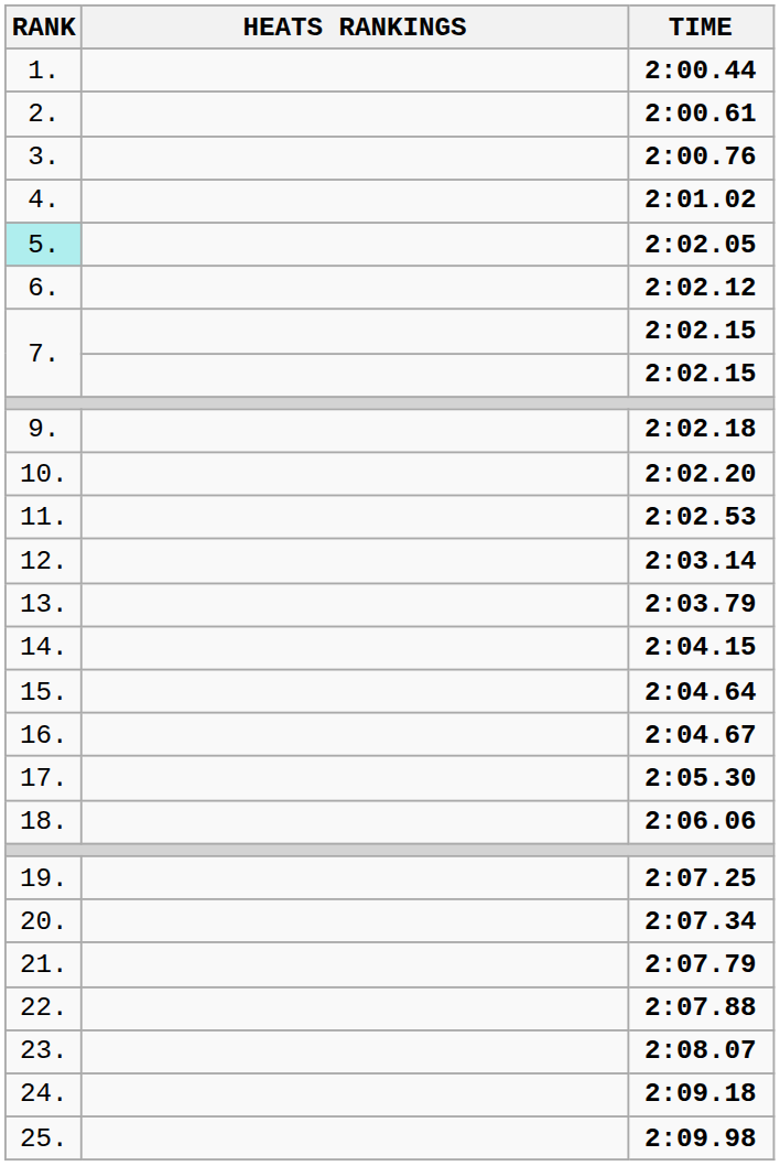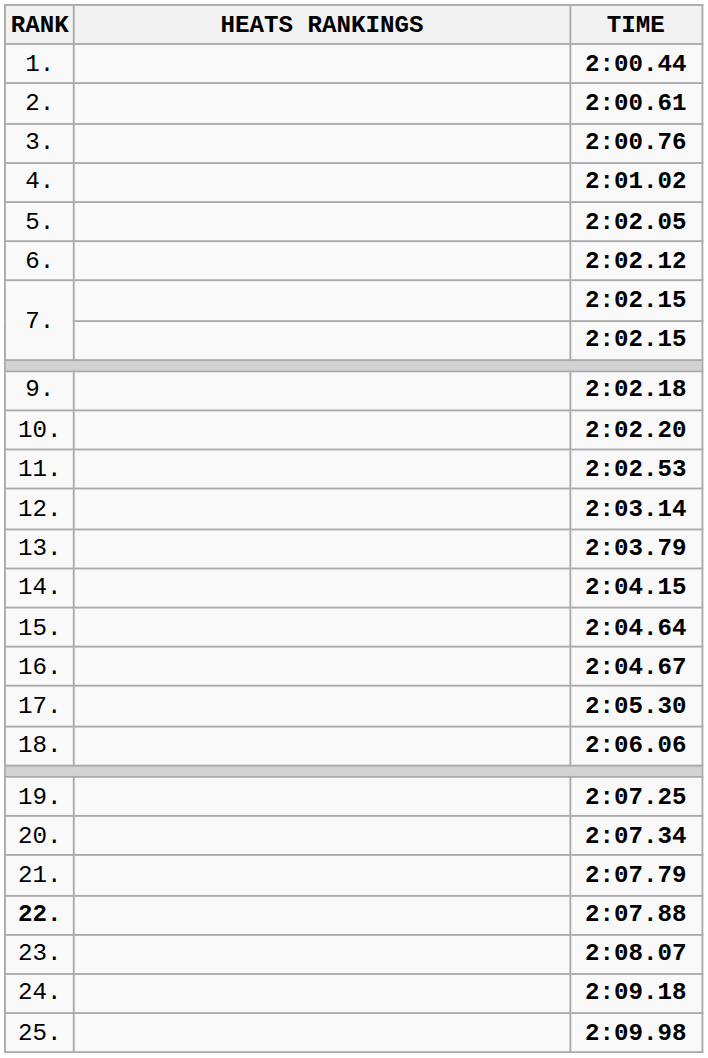 <table class="wikitable">
 <tr>
 <th>RANK</th>
 <th style="width: 20em">HEATS RANKINGS</th>
 <th style="width: 5em">TIME</th>
 </tr>
 <tr>
 <td align="center">1.</td>
 <td></td>
 <td align="center"><strong>2:00.44</strong></td>
 </tr>
 <tr>
 <td align="center">2.</td>
 <td></td>
 <td align="center"><strong>2:00.61</strong></td>
 </tr>
 <tr>
 <td align="center">3.</td>
 <td></td>
 <td align="center"><strong>2:00.76</strong></td>
 </tr>
 <tr>
 <td align="center">4.</td>
 <td></td>
 <td align="center"><strong>2:01.02</strong></td>
 </tr>
 <tr>
-<td align="center" style="background: paleturquoise;">5.</td>
+<td align="center">5.</td>
 <td></td>
 <td align="center"><strong>2:02.05</strong></td>
 </tr>
 <tr>
 <td align="center">6.</td>
 <td></td>
 <td align="center"><strong>2:02.12</strong></td>
 </tr>
 <tr>
 <td rowspan=2 align="center">7.</td>
 <td></td>
 <td align="center"><strong>2:02.15</strong></td>
 </tr>
 <tr>
 <td></td>
 <td align="center"><strong>2:02.15</strong></td>
 </tr>
 <tr>
 <td colspan=3 bgcolor=lightgray></td>
 </tr>
 <tr>
 <td align="center">9.</td>
 <td></td>
 <td align="center"><strong>2:02.18</strong></td>
 </tr>
 <tr>
 <td align="center">10.</td>
 <td> </td>
 <td align="center"><strong>2:02.20</strong></td>
 </tr>
 <tr>
 <td align="center">11.</td>
 <td></td>
 <td align="center"><strong>2:02.53</strong></td>
 </tr>
 <tr>
 <td align="center">12.</td>
 <td> </td>
 <td align="center"><strong>2:03.14</strong></td>
 </tr>
 <tr>
 <td align="center">13.</td>
 <td></td>
 <td align="center"><strong>2:03.79</strong></td>
 </tr>
 <tr>
 <td align="center">14.</td>
 <td></td>
 <td align="center"><strong>2:04.15</strong></td>
 </tr>
 <tr>
 <td align="center">15.</td>
 <td></td>
 <td align="center"><strong>2:04.64</strong></td>
 </tr>
 <tr>
 <td align="center">16.</td>
 <td></td>
 <td align="center"><strong>2:04.67</strong></td>
 </tr>
 <tr>
 <td align="center">17.</td>
 <td></td>
 <td align="center"><strong>2:05.30</strong></td>
 </tr>
 <tr>
 <td align="center">18.</td>
 <td></td>
 <td align="center"><strong>2:06.06</strong></td>
 </tr>
 <tr>
 <td colspan=3 bgcolor=lightgray></td>
 </tr>
 <tr>
 <td align="center">19.</td>
 <td></td>
 <td align="center"><strong>2:07.25</strong></td>
 </tr>
 <tr>
 <td align="center">20.</td>
 <td></td>
 <td align="center"><strong>2:07.34</strong></td>
 </tr>
 <tr>
 <td align="center">21.</td>
 <td></td>
 <td align="center"><strong>2:07.79</strong></td>
 </tr>
 <tr>
-<td align="center">22.</td>
+<td align="center"><strong>22.</strong></td>
 <td></td>
 <td align="center"><strong>2:07.88</strong></td>
 </tr>
 <tr>
 <td align="center">23.</td>
 <td></td>
 <td align="center"><strong>2:08.07</strong></td>
 </tr>
 <tr>
 <td align="center">24.</td>
 <td></td>
 <td align="center"><strong>2:09.18</strong></td>
 </tr>
 <tr>
 <td align="center">25.</td>
 <td></td>
 <td align="center"><strong>2:09.98</strong></td>
 </tr>
 </table>
